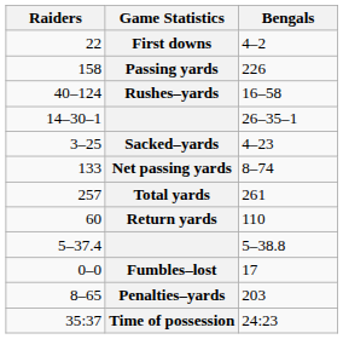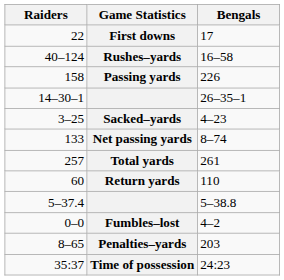 <table class="wikitable" style="margin: 1em auto 1em auto">
 <tr>
 <th style="width:30%;">Raiders</th>
 <th style="width:40%;">Game Statistics</th>
 <th style="width:30%;">Bengals</th>
 </tr>
 <tr>
 <td style="text-align:right;">22</td>
 <th>First downs</th>
-<td>4–2</td>
+<td>17</td>
+</tr>
+<tr>
+<td style="text-align:right;">40–124</td>
+<th>Rushes–yards</th>
+<td>16–58</td>
 </tr>
 <tr>
 <td style="text-align:right;">158</td>
 <th>Passing yards</th>
 <td>226</td>
-</tr>
-<tr>
-<td style="text-align:right;">40–124</td>
-<th>Rushes–yards</th>
-<td>16–58</td>
 </tr>
 <tr>
 <td style="text-align:right;">14–30–1</td>
 <th></th>
 <td>26–35–1</td>
 </tr>
 <tr>
 <td style="text-align:right;">3–25</td>
 <th>Sacked–yards</th>
 <td>4–23</td>
 </tr>
 <tr>
 <td style="text-align:right;">133</td>
 <th>Net passing yards</th>
 <td>8–74</td>
 </tr>
 <tr>
 <td style="text-align:right;">257</td>
 <th>Total yards</th>
 <td>261</td>
 </tr>
 <tr>
 <td style="text-align:right;">60</td>
 <th>Return yards</th>
 <td>110</td>
 </tr>
 <tr>
 <td style="text-align:right;">5–37.4</td>
 <th></th>
 <td>5–38.8</td>
 </tr>
 <tr>
 <td style="text-align:right;">0–0</td>
 <th>Fumbles–lost</th>
-<td>17</td>
+<td>4–2</td>
 </tr>
 <tr>
 <td style="text-align:right;">8–65</td>
 <th>Penalties–yards</th>
 <td>203</td>
 </tr>
 <tr>
 <td style="text-align:right;">35:37</td>
 <th>Time of possession</th>
 <td>24:23</td>
 </tr>
 </table>
